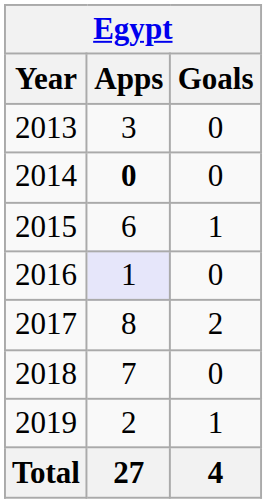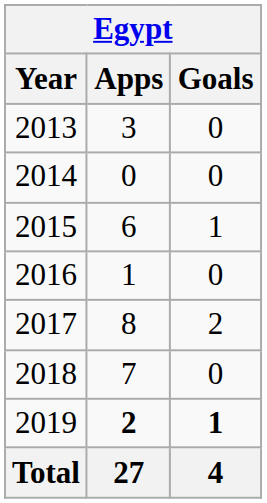 <table class="wikitable" style="text-align:center">
 <tr>
 <th colspan=3><a href='#'>Egypt</a></th>
 </tr>
 <tr>
 <th>Year</th>
 <th>Apps</th>
 <th>Goals</th>
 </tr>
 <tr>
 <td>2013</td>
 <td>3</td>
 <td>0</td>
 </tr>
 <tr>
 <td>2014</td>
-<td><strong>0</strong></td>
+<td>0</td>
 <td>0</td>
 </tr>
 <tr>
 <td>2015</td>
 <td>6</td>
 <td>1</td>
 </tr>
 <tr>
 <td>2016</td>
-<td style="background: lavender;">1</td>
+<td>1</td>
 <td>0</td>
 </tr>
 <tr>
 <td>2017</td>
 <td>8</td>
 <td>2</td>
 </tr>
 <tr>
 <td>2018</td>
 <td>7</td>
 <td>0</td>
 </tr>
 <tr>
 <td>2019</td>
-<td>2</td>
-<td>1</td>
+<td><strong>2</strong></td>
+<td><strong>1</strong></td>
 </tr>
 <tr>
 <th>Total</th>
 <th>27</th>
 <th>4</th>
 </tr>
 </table>
